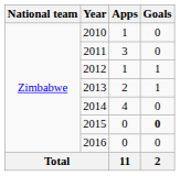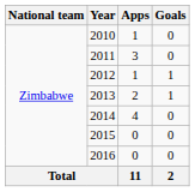 <table class="wikitable" style="text-align:center">
 <tr>
 <th>National team</th>
 <th>Year</th>
 <th>Apps</th>
 <th>Goals</th>
 </tr>
 <tr>
 <td rowspan="7"><a href='#'>Zimbabwe</a></td>
 <td>2010</td>
 <td>1</td>
 <td>0</td>
 </tr>
 <tr>
 <td>2011</td>
 <td>3</td>
 <td>0</td>
 </tr>
 <tr>
 <td>2012</td>
 <td>1</td>
 <td>1</td>
 </tr>
 <tr>
 <td>2013</td>
 <td>2</td>
 <td>1</td>
 </tr>
 <tr>
 <td>2014</td>
 <td>4</td>
 <td>0</td>
 </tr>
 <tr>
 <td>2015</td>
 <td>0</td>
-<td><strong>0</strong></td>
+<td>0</td>
 </tr>
 <tr>
 <td>2016</td>
 <td>0</td>
 <td>0</td>
 </tr>
 <tr>
 <th colspan=2>Total</th>
 <th>11</th>
 <th>2</th>
 </tr>
 </table>
